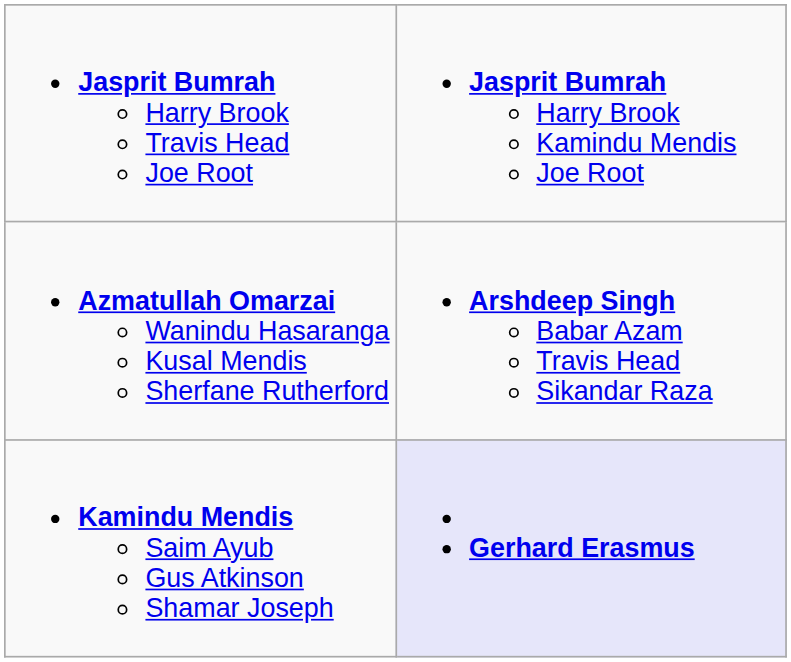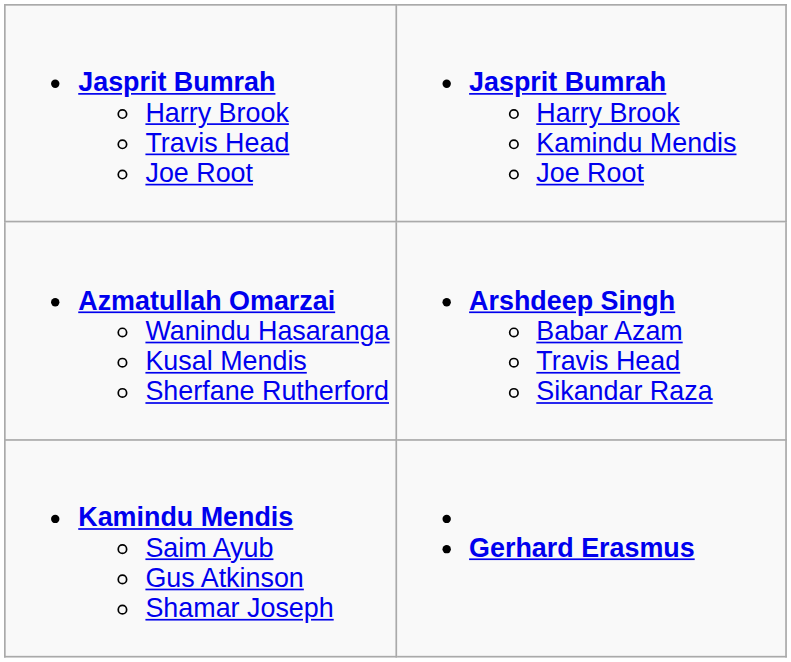 <table class=wikitable>
 <tr>
 <td valign="top" width="50%"><br><ul><li> <strong><a href='#'>Jasprit Bumrah</a></strong><ul><li> <a href='#'>Harry Brook</a></li><li> <a href='#'>Travis Head</a></li><li> <a href='#'>Joe Root</a></li></ul></li></ul></td>
 <td valign="top" width="50%"><br><ul><li><strong> <a href='#'>Jasprit Bumrah</a></strong><ul><li> <a href='#'>Harry Brook</a></li><li> <a href='#'>Kamindu Mendis</a></li><li> <a href='#'>Joe Root</a></li></ul></li></ul></td>
 </tr>
 <tr>
 <td valign="top" width="50%"><br><ul><li> <strong><a href='#'>Azmatullah Omarzai</a></strong><ul><li> <a href='#'>Wanindu Hasaranga</a></li><li> <a href='#'>Kusal Mendis</a></li><li> <a href='#'>Sherfane Rutherford</a></li></ul></li></ul></td>
 <td valign="top" width="50%"><br><ul><li> <strong><a href='#'>Arshdeep Singh</a></strong><ul><li> <a href='#'>Babar Azam</a></li><li> <a href='#'>Travis Head</a></li><li> <a href='#'>Sikandar Raza</a></li></ul></li></ul></td>
 </tr>
 <tr>
 <td valign="top" width="50%"><br><ul><li> <strong><a href='#'>Kamindu Mendis</a></strong><ul><li> <a href='#'>Saim Ayub</a></li><li> <a href='#'>Gus Atkinson</a></li><li> <a href='#'>Shamar Joseph</a></li></ul></li></ul></td>
-<td valign="top" width="50%" style="background: lavender;"><br><ul><li></li><li> <strong><a href='#'>Gerhard Erasmus</a></strong></li></ul></td>
+<td valign="top" width="50%"><br><ul><li></li><li> <strong><a href='#'>Gerhard Erasmus</a></strong></li></ul></td>
 </tr>
 </table>
